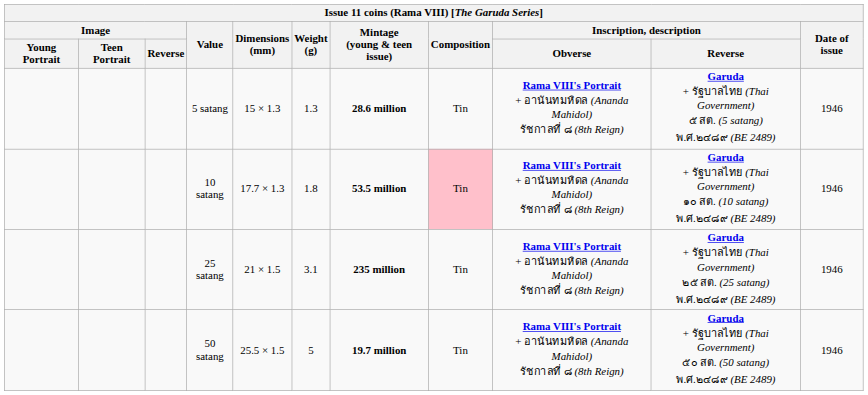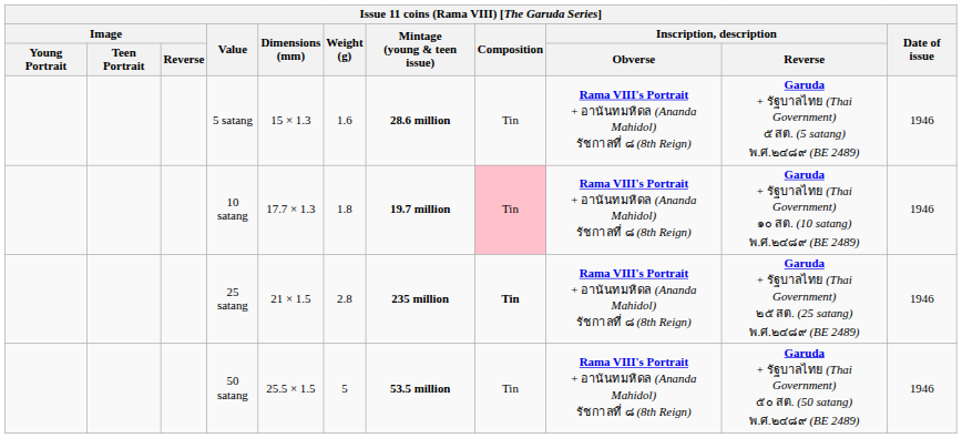 <table class="wikitable" style="width:100%; text-align: center">
 <tr>
 <th colspan="11">Issue 11 coins (Rama VIII) [<em>The Garuda Series</em>]</th>
 </tr>
 <tr>
 <th colspan="3">Image</th>
 <th rowspan="2">Value</th>
 <th rowspan="2">Dimensions<br>(mm)</th>
 <th rowspan="2">Weight<br>(g)</th>
 <th rowspan="2">Mintage<br>(young & teen issue)</th>
 <th rowspan="2">Composition</th>
 <th colspan="2">Inscription, description</th>
 <th rowspan="2">Date of issue</th>
 </tr>
 <tr>
 <th>Young Portrait</th>
 <th>Teen Portrait</th>
 <th>Reverse</th>
 <th>Obverse</th>
 <th>Reverse</th>
 </tr>
 <tr>
 <td></td>
 <td></td>
 <td></td>
 <td>5 satang</td>
 <td>15 × 1.3</td>
-<td>1.3</td>
+<td>1.6</td>
 <td><strong>28.6 million</strong></td>
 <td>Tin</td>
 <td><strong><a href='#'>Rama VIII's Portrait</a></strong><br>+ อานันทมหิดล <em>(Ananda Mahidol)</em><br>รัชกาลที่ ๘ <em>(8th Reign)</em></td>
 <td><a href='#'><strong>Garuda</strong></a><br>+ รัฐบาลไทย <em>(Thai Government)</em><br>๕ สต. <em>(5 satang)</em><br>พ.ศ.๒๔๘๙ <em>(BE 2489)</em></td>
 <td>1946</td>
 </tr>
 <tr>
 <td></td>
 <td></td>
 <td></td>
 <td>10 satang</td>
 <td>17.7 × 1.3</td>
 <td>1.8</td>
-<td><strong>53.5 million</strong></td>
+<td><strong>19.7 million</strong></td>
 <td style="background: pink;">Tin</td>
 <td><strong><a href='#'>Rama VIII's Portrait</a></strong><br>+ อานันทมหิดล <em>(Ananda Mahidol)</em><br>รัชกาลที่ ๘ <em>(8th Reign)</em></td>
 <td><a href='#'><strong>Garuda</strong></a><br>+ รัฐบาลไทย <em>(Thai Government)</em><br>๑๐  สต. <em>(10 satang)</em><br>พ.ศ.๒๔๘๙ <em>(BE 2489)</em></td>
 <td>1946</td>
 </tr>
 <tr>
 <td></td>
 <td></td>
 <td></td>
 <td>25 satang</td>
 <td>21 × 1.5</td>
-<td>3.1</td>
+<td>2.8</td>
 <td><strong>235 million</strong></td>
-<td>Tin</td>
+<td><strong>Tin</strong></td>
 <td><strong><a href='#'>Rama VIII's Portrait</a></strong><br>+ อานันทมหิดล <em>(Ananda Mahidol)</em><br>รัชกาลที่ ๘ <em>(8th Reign)</em></td>
 <td><a href='#'><strong>Garuda</strong></a><br>+ รัฐบาลไทย <em>(Thai Government)</em><br>๒๕ สต. <em>(25 satang)</em><br>พ.ศ.๒๔๘๙ <em>(BE 2489)</em></td>
 <td>1946</td>
 </tr>
 <tr>
 <td></td>
 <td></td>
 <td></td>
 <td>50 satang</td>
 <td>25.5 × 1.5</td>
 <td>5</td>
-<td><strong>19.7 million</strong></td>
+<td><strong>53.5 million</strong></td>
 <td>Tin</td>
 <td><strong><a href='#'>Rama VIII's Portrait</a></strong><br>+ อานันทมหิดล <em>(Ananda Mahidol)</em><br>รัชกาลที่ ๘ <em>(8th Reign)</em></td>
 <td><a href='#'><strong>Garuda</strong></a><br>+ รัฐบาลไทย <em>(Thai Government)</em><br>๕๐  สต. <em>(50 satang)</em><br>พ.ศ.๒๔๘๙ <em>(BE 2489)</em></td>
 <td>1946</td>
 </tr>
 </table>
